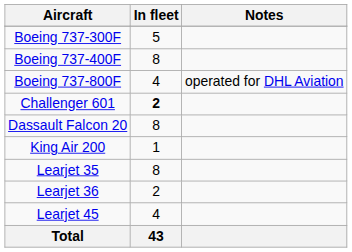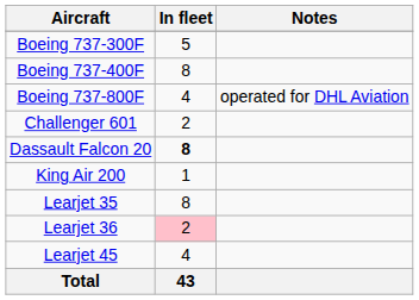 <table class="wikitable" style="margin:0.5em auto; text-align:center">
 <tr>
 <th>Aircraft</th>
 <th>In fleet</th>
 <th>Notes</th>
 </tr>
 <tr>
 </tr>
 <tr>
 <td><a href='#'>Boeing 737-300F</a></td>
 <td align="center">5</td>
 <td></td>
 </tr>
 <tr>
 <td><a href='#'>Boeing 737-400F</a></td>
 <td align="center">8</td>
 <td></td>
 </tr>
 <tr>
 <td><a href='#'>Boeing 737-800F</a></td>
 <td align="center">4</td>
 <td>operated for <a href='#'>DHL Aviation</a></td>
 </tr>
 <tr>
 <td><a href='#'>Challenger 601</a></td>
-<td align="center"><strong>2</strong></td>
+<td align="center">2</td>
 <td></td>
 </tr>
 <tr>
 <td><a href='#'>Dassault Falcon 20</a></td>
-<td align="center">8</td>
+<td align="center"><strong>8</strong></td>
 <td></td>
 </tr>
 <tr>
 <td><a href='#'>King Air 200</a></td>
 <td align="center">1</td>
 <td></td>
 </tr>
 <tr>
 <td><a href='#'>Learjet 35</a></td>
 <td align="center">8</td>
 <td></td>
 </tr>
 <tr>
 <td><a href='#'>Learjet 36</a></td>
-<td align="center">2</td>
+<td align="center" style="background: pink;">2</td>
 <td></td>
 </tr>
 <tr>
 <td><a href='#'>Learjet 45</a></td>
 <td align="center">4</td>
 <td></td>
 </tr>
 <tr>
 <th>Total</th>
 <th>43</th>
 <th></th>
 </tr>
 </table>
